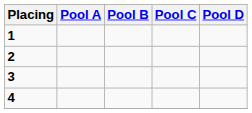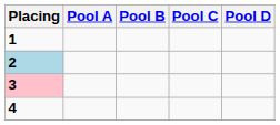 <table class=wikitable style="border:1px solid #AAAAAA;">
 <tr>
 <th>Placing</th>
 <th><a href='#'>Pool A</a></th>
 <th><a href='#'>Pool B</a></th>
 <th><a href='#'>Pool C</a></th>
 <th><a href='#'>Pool D</a></th>
 </tr>
 <tr>
 <td><strong>1</strong></td>
 <td></td>
 <td></td>
 <td></td>
 <td></td>
 </tr>
 <tr>
-<td><strong>2</strong></td>
+<td style="background: lightblue;"><strong>2</strong></td>
 <td></td>
 <td></td>
 <td></td>
 <td></td>
 </tr>
 <tr>
-<td><strong>3</strong></td>
+<td style="background: pink;"><strong>3</strong></td>
 <td></td>
 <td></td>
 <td></td>
 <td></td>
 </tr>
 <tr>
 <td><strong>4</strong></td>
 <td> </td>
 <td> </td>
 <td></td>
 <td></td>
 </tr>
 <tr>
 </tr>
 </table>
